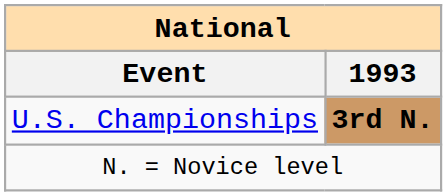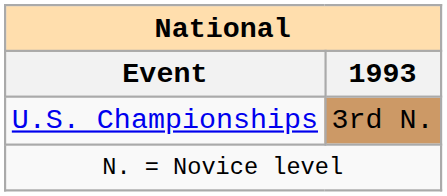 <table class="wikitable" style="text-align:center">
 <tr>
 <th style="background-color: #ffdead; " colspan=2 align=center>National</th>
 </tr>
 <tr>
 <th>Event</th>
 <th>1993</th>
 </tr>
 <tr>
 <td align=left><a href='#'>U.S. Championships</a></td>
-<td bgcolor=cc9966><strong>3rd N.</strong></td>
+<td bgcolor=cc9966>3rd N.</td>
 </tr>
 <tr>
 <td colspan=2 align=center><small> N. = Novice level </small></td>
 </tr>
 </table>
